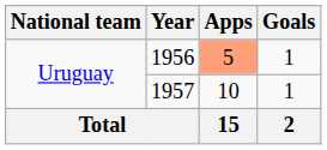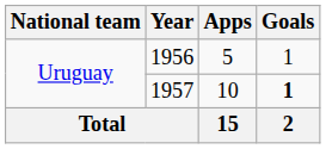 <table class="wikitable" style="text-align:center">
 <tr>
 <th>National team</th>
 <th>Year</th>
 <th>Apps</th>
 <th>Goals</th>
 </tr>
 <tr>
 <td rowspan=2><a href='#'>Uruguay</a></td>
 <td>1956</td>
-<td style="background: lightsalmon;">5</td>
+<td>5</td>
 <td>1</td>
 </tr>
 <tr>
 <td>1957</td>
 <td>10</td>
-<td>1</td>
+<td><strong>1</strong></td>
 </tr>
 <tr>
 <th colspan=2>Total</th>
 <th>15</th>
 <th>2</th>
 </tr>
 </table>
